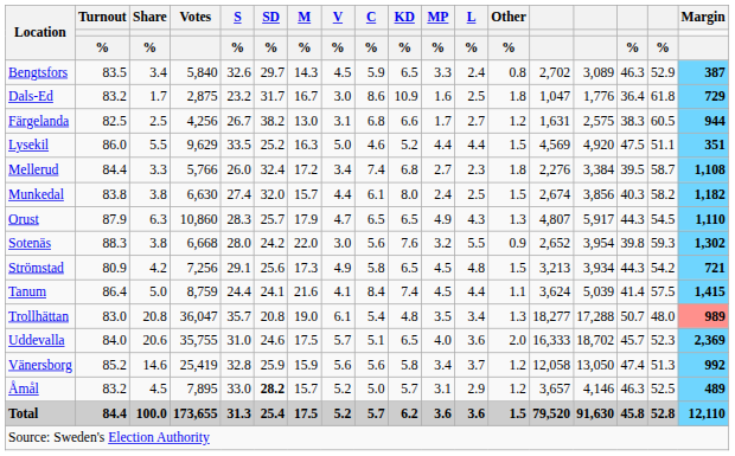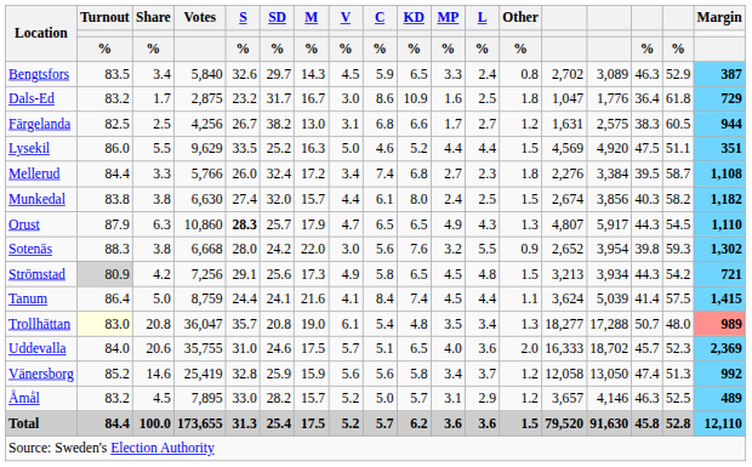 <table class="wikitable sortable" style="text-align:right; font-size:95%; line-height:20px;">
 <tr>
 <th rowspan="3">Location</th>
 <th>Turnout</th>
 <th>Share</th>
 <th>Votes</th>
 <th width="30px" class="unsortable"><a href='#'>S</a></th>
 <th width="30px" class="unsortable"><a href='#'>SD</a></th>
 <th width="30px" class="unsortable"><a href='#'>M</a></th>
 <th width="30px" class="unsortable"><a href='#'>V</a></th>
 <th width="30px" class="unsortable"><a href='#'>C</a></th>
 <th width="30px" class="unsortable"><a href='#'>KD</a></th>
 <th width="30px" class="unsortable"><a href='#'>MP</a></th>
 <th width="30px" class="unsortable"><a href='#'>L</a></th>
 <th width="30px" class="unsortable">Other</th>
 <th></th>
 <th></th>
 <th></th>
 <th></th>
 <th>Margin</th>
 </tr>
 <tr>
 <th></th>
 <th></th>
 <th></th>
 <th style="background:"></th>
 <th style="background:"></th>
 <th style="background:"></th>
 <th style="background:"></th>
 <th style="background:"></th>
 <th style="background:"></th>
 <th style="background:"></th>
 <th style="background:"></th>
 <th style="background:"></th>
 <th style="background:"></th>
 <th style="background:"></th>
 <th style="background:"></th>
 <th style="background:"></th>
 </tr>
 <tr>
 <th data-sort-type="number">%</th>
 <th data-sort-type="number">%</th>
 <th></th>
 <th data-sort-type="number">%</th>
 <th data-sort-type="number">%</th>
 <th data-sort-type="number">%</th>
 <th data-sort-type="number">%</th>
 <th data-sort-type="number">%</th>
 <th data-sort-type="number">%</th>
 <th data-sort-type="number">%</th>
 <th data-sort-type="number">%</th>
 <th data-sort-type="number">%</th>
 <th data-sort-type="number"></th>
 <th data-sort-type="number"></th>
 <th data-sort-type="number">%</th>
 <th data-sort-type="number">%</th>
 <th data-sort-type="number"></th>
 </tr>
 <tr>
 <td align="left"><a href='#'>Bengtsfors</a></td>
 <td>83.5</td>
 <td>3.4</td>
 <td>5,840</td>
 <td>32.6</td>
 <td>29.7</td>
 <td>14.3</td>
 <td>4.5</td>
 <td>5.9</td>
 <td>6.5</td>
 <td>3.3</td>
 <td>2.4</td>
 <td>0.8</td>
 <td>2,702</td>
 <td>3,089</td>
 <td>46.3</td>
 <td>52.9</td>
 <td bgcolor=#6fd5fe><strong>387</strong></td>
 </tr>
 <tr>
 <td align="left"><a href='#'>Dals-Ed</a></td>
 <td>83.2</td>
 <td>1.7</td>
 <td>2,875</td>
 <td>23.2</td>
 <td>31.7</td>
 <td>16.7</td>
 <td>3.0</td>
 <td>8.6</td>
 <td>10.9</td>
 <td>1.6</td>
 <td>2.5</td>
 <td>1.8</td>
 <td>1,047</td>
 <td>1,776</td>
 <td>36.4</td>
 <td>61.8</td>
 <td bgcolor=#6fd5fe><strong>729</strong></td>
 </tr>
 <tr>
 <td align="left"><a href='#'>Färgelanda</a></td>
 <td>82.5</td>
 <td>2.5</td>
 <td>4,256</td>
 <td>26.7</td>
 <td>38.2</td>
 <td>13.0</td>
 <td>3.1</td>
 <td>6.8</td>
 <td>6.6</td>
 <td>1.7</td>
 <td>2.7</td>
 <td>1.2</td>
 <td>1,631</td>
 <td>2,575</td>
 <td>38.3</td>
 <td>60.5</td>
 <td bgcolor=#6fd5fe><strong>944</strong></td>
 </tr>
 <tr>
 <td align="left"><a href='#'>Lysekil</a></td>
 <td>86.0</td>
 <td>5.5</td>
 <td>9,629</td>
 <td>33.5</td>
 <td>25.2</td>
 <td>16.3</td>
 <td>5.0</td>
 <td>4.6</td>
 <td>5.2</td>
 <td>4.4</td>
 <td>4.4</td>
 <td>1.5</td>
 <td>4,569</td>
 <td>4,920</td>
 <td>47.5</td>
 <td>51.1</td>
 <td bgcolor=#6fd5fe><strong>351</strong></td>
 </tr>
 <tr>
 <td align="left"><a href='#'>Mellerud</a></td>
 <td>84.4</td>
 <td>3.3</td>
 <td>5,766</td>
 <td>26.0</td>
 <td>32.4</td>
 <td>17.2</td>
 <td>3.4</td>
 <td>7.4</td>
 <td>6.8</td>
 <td>2.7</td>
 <td>2.3</td>
 <td>1.8</td>
 <td>2,276</td>
 <td>3,384</td>
 <td>39.5</td>
 <td>58.7</td>
 <td bgcolor=#6fd5fe><strong>1,108</strong></td>
 </tr>
 <tr>
 <td align="left"><a href='#'>Munkedal</a></td>
 <td>83.8</td>
 <td>3.8</td>
 <td>6,630</td>
 <td>27.4</td>
 <td>32.0</td>
 <td>15.7</td>
 <td>4.4</td>
 <td>6.1</td>
 <td>8.0</td>
 <td>2.4</td>
 <td>2.5</td>
 <td>1.5</td>
 <td>2,674</td>
 <td>3,856</td>
 <td>40.3</td>
 <td>58.2</td>
 <td bgcolor=#6fd5fe><strong>1,182</strong></td>
 </tr>
 <tr>
 <td align="left"><a href='#'>Orust</a></td>
 <td>87.9</td>
 <td>6.3</td>
 <td>10,860</td>
-<td>28.3</td>
+<td><strong>28.3</strong></td>
 <td>25.7</td>
 <td>17.9</td>
 <td>4.7</td>
 <td>6.5</td>
 <td>6.5</td>
 <td>4.9</td>
 <td>4.3</td>
 <td>1.3</td>
 <td>4,807</td>
 <td>5,917</td>
 <td>44.3</td>
 <td>54.5</td>
 <td bgcolor=#6fd5fe><strong>1,110</strong></td>
 </tr>
 <tr>
 <td align="left"><a href='#'>Sotenäs</a></td>
 <td>88.3</td>
 <td>3.8</td>
 <td>6,668</td>
 <td>28.0</td>
 <td>24.2</td>
 <td>22.0</td>
 <td>3.0</td>
 <td>5.6</td>
 <td>7.6</td>
 <td>3.2</td>
 <td>5.5</td>
 <td>0.9</td>
 <td>2,652</td>
 <td>3,954</td>
 <td>39.8</td>
 <td>59.3</td>
 <td bgcolor=#6fd5fe><strong>1,302</strong></td>
 </tr>
 <tr>
 <td align="left"><a href='#'>Strömstad</a></td>
-<td>80.9</td>
+<td style="background: lightgrey;">80.9</td>
 <td>4.2</td>
 <td>7,256</td>
 <td>29.1</td>
 <td>25.6</td>
 <td>17.3</td>
 <td>4.9</td>
 <td>5.8</td>
 <td>6.5</td>
 <td>4.5</td>
 <td>4.8</td>
 <td>1.5</td>
 <td>3,213</td>
 <td>3,934</td>
 <td>44.3</td>
 <td>54.2</td>
 <td bgcolor=#6fd5fe><strong>721</strong></td>
 </tr>
 <tr>
 <td align="left"><a href='#'>Tanum</a></td>
 <td>86.4</td>
 <td>5.0</td>
 <td>8,759</td>
 <td>24.4</td>
 <td>24.1</td>
 <td>21.6</td>
 <td>4.1</td>
 <td>8.4</td>
 <td>7.4</td>
 <td>4.5</td>
 <td>4.4</td>
 <td>1.1</td>
 <td>3,624</td>
 <td>5,039</td>
 <td>41.4</td>
 <td>57.5</td>
 <td bgcolor=#6fd5fe><strong>1,415</strong></td>
 </tr>
 <tr>
 <td align="left"><a href='#'>Trollhättan</a></td>
-<td>83.0</td>
+<td style="background: lightyellow;">83.0</td>
 <td>20.8</td>
 <td>36,047</td>
 <td>35.7</td>
 <td>20.8</td>
 <td>19.0</td>
 <td>6.1</td>
 <td>5.4</td>
 <td>4.8</td>
 <td>3.5</td>
 <td>3.4</td>
 <td>1.3</td>
 <td>18,277</td>
 <td>17,288</td>
 <td>50.7</td>
 <td>48.0</td>
 <td bgcolor=#ff908c><strong>989</strong></td>
 </tr>
 <tr>
 <td align="left"><a href='#'>Uddevalla</a></td>
 <td>84.0</td>
 <td>20.6</td>
 <td>35,755</td>
 <td>31.0</td>
 <td>24.6</td>
 <td>17.5</td>
 <td>5.7</td>
 <td>5.1</td>
 <td>6.5</td>
 <td>4.0</td>
 <td>3.6</td>
 <td>2.0</td>
 <td>16,333</td>
 <td>18,702</td>
 <td>45.7</td>
 <td>52.3</td>
 <td bgcolor=#6fd5fe><strong>2,369</strong></td>
 </tr>
 <tr>
 <td align="left"><a href='#'>Vänersborg</a></td>
 <td>85.2</td>
 <td>14.6</td>
 <td>25,419</td>
 <td>32.8</td>
 <td>25.9</td>
 <td>15.9</td>
 <td>5.6</td>
 <td>5.6</td>
 <td>5.8</td>
 <td>3.4</td>
 <td>3.7</td>
 <td>1.2</td>
 <td>12,058</td>
 <td>13,050</td>
 <td>47.4</td>
 <td>51.3</td>
 <td bgcolor=#6fd5fe><strong>992</strong></td>
 </tr>
 <tr>
 <td align="left"><a href='#'>Åmål</a></td>
 <td>83.2</td>
 <td>4.5</td>
 <td>7,895</td>
 <td>33.0</td>
-<td><strong>28.2</strong></td>
+<td>28.2</td>
 <td>15.7</td>
 <td>5.2</td>
 <td>5.0</td>
 <td>5.7</td>
 <td>3.1</td>
 <td>2.9</td>
 <td>1.2</td>
 <td>3,657</td>
 <td>4,146</td>
 <td>46.3</td>
 <td>52.5</td>
 <td bgcolor=#6fd5fe><strong>489</strong></td>
 </tr>
 <tr style="background:#CDCDCD;">
 <td align="left"><strong>Total</strong></td>
 <td><strong>84.4</strong></td>
 <td><strong>100.0</strong></td>
 <td><strong>173,655</strong></td>
 <td><strong>31.3</strong></td>
 <td><strong>25.4</strong></td>
 <td><strong>17.5</strong></td>
 <td><strong>5.2</strong></td>
 <td><strong>5.7</strong></td>
 <td><strong>6.2</strong></td>
 <td><strong>3.6</strong></td>
 <td><strong>3.6</strong></td>
 <td><strong>1.5</strong></td>
 <td><strong>79,520</strong></td>
 <td><strong>91,630</strong></td>
 <td><strong>45.8</strong></td>
 <td><strong>52.8</strong></td>
 <td bgcolor=#6fd5fe><strong>12,110</strong></td>
 </tr>
 <tr>
 <td colspan="18" align="left">Source: Sweden's <a href='#'>Election Authority</a></td>
 </tr>
 </table>
